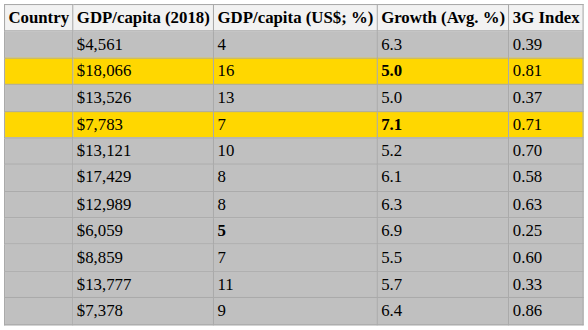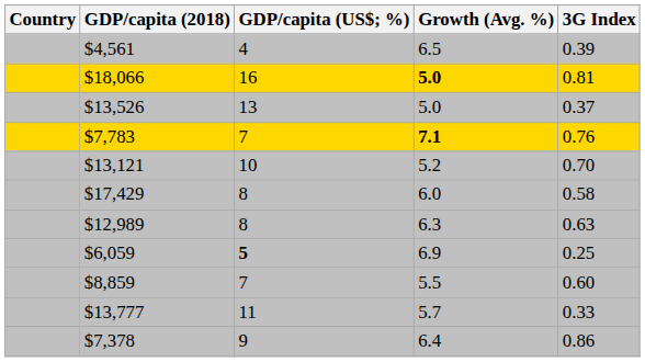 <table class="wikitable sortable static-row-numbers static-row-header-text" style="font size:120%;">
 <tr>
 <th>Country</th>
 <th>GDP/capita (2018)</th>
 <th>GDP/capita (US$; %)</th>
 <th>Growth (Avg. %)</th>
 <th>3G Index</th>
 </tr>
 <tr style="background:silver;">
 <td></td>
 <td>$4,561</td>
 <td>4</td>
-<td>6.3</td>
+<td>6.5</td>
 <td>0.39</td>
 </tr>
 <tr style="background:gold;">
 <td><strong></strong></td>
 <td>$18,066</td>
 <td>16</td>
 <td><strong>5.0</strong></td>
 <td>0.81</td>
 </tr>
 <tr style="background:silver;">
 <td></td>
 <td>$13,526</td>
 <td>13</td>
 <td>5.0</td>
 <td>0.37</td>
 </tr>
 <tr style="background:gold;">
 <td><strong></strong></td>
 <td>$7,783</td>
 <td>7</td>
 <td><strong>7.1</strong></td>
-<td>0.71</td>
+<td>0.76</td>
 </tr>
 <tr style="background:silver;">
 <td></td>
 <td>$13,121</td>
 <td>10</td>
 <td>5.2</td>
 <td>0.70</td>
 </tr>
 <tr style="background:silver;">
 <td></td>
 <td>$17,429</td>
 <td>8</td>
-<td>6.1</td>
+<td>6.0</td>
 <td>0.58</td>
 </tr>
 <tr style="background:silver;">
 <td></td>
 <td>$12,989</td>
 <td>8</td>
 <td>6.3</td>
 <td>0.63</td>
 </tr>
 <tr style="background:silver;">
 <td></td>
 <td>$6,059</td>
 <td><strong>5</strong></td>
 <td>6.9</td>
 <td>0.25</td>
 </tr>
 <tr style="background:silver;">
 <td></td>
 <td>$8,859</td>
 <td>7</td>
 <td>5.5</td>
 <td>0.60</td>
 </tr>
 <tr style="background:silver;">
 <td></td>
 <td>$13,777</td>
 <td>11</td>
 <td>5.7</td>
 <td>0.33</td>
 </tr>
 <tr style="background:silver;">
 <td></td>
 <td>$7,378</td>
 <td>9</td>
 <td>6.4</td>
 <td>0.86</td>
 </tr>
 <tr>
 </tr>
 </table>
